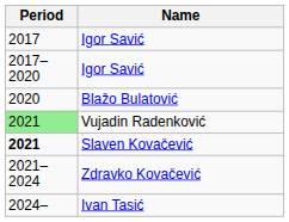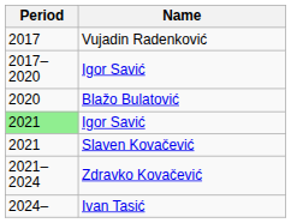 <table class="wikitable">
 <tr>
 <th width="75">Period</th>
 <th width="225">Name</th>
 </tr>
 <tr>
 <td>2017</td>
-<td> <a href='#'>Igor Savić</a></td>
+<td> Vujadin Radenković</td>
 </tr>
 <tr>
 <td>2017–2020</td>
 <td> <a href='#'>Igor Savić</a></td>
 </tr>
 <tr>
 <td>2020</td>
 <td> <a href='#'>Blažo Bulatović</a></td>
 </tr>
 <tr>
 <td style="background: lightgreen;">2021</td>
-<td> Vujadin Radenković</td>
+<td> <a href='#'>Igor Savić</a></td>
 </tr>
 <tr>
-<td><strong>2021</strong></td>
+<td>2021</td>
 <td> <a href='#'>Slaven Kovačević</a></td>
 </tr>
 <tr>
 <td>2021–2024</td>
 <td> <a href='#'>Zdravko Kovačević</a></td>
 </tr>
 <tr>
 <td>2024–</td>
 <td> <a href='#'>Ivan Tasić</a></td>
 </tr>
 </table>
